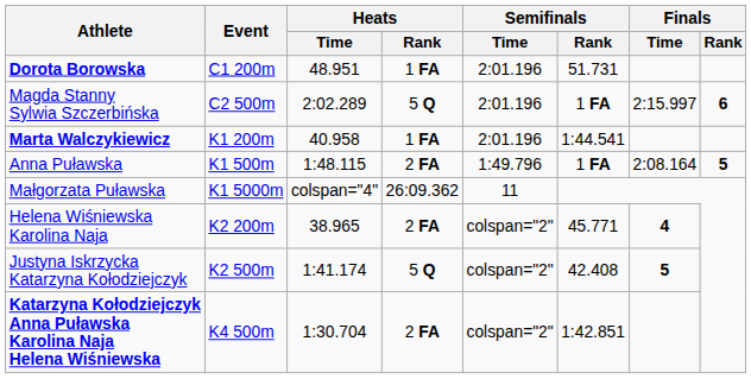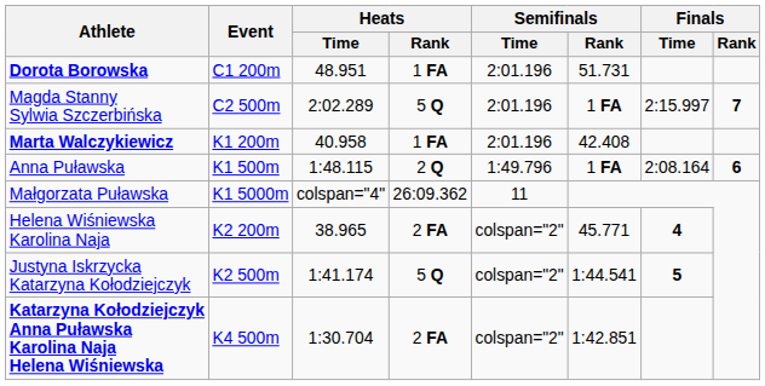 <table class=wikitable style="font-size:90%">
 <tr>
 <th rowspan="2">Athlete</th>
 <th rowspan="2">Event</th>
 <th colspan=2>Heats</th>
 <th colspan=2>Semifinals</th>
 <th colspan=2>Finals</th>
 </tr>
 <tr style="font-size:95%">
 <th>Time</th>
 <th>Rank</th>
 <th>Time</th>
 <th>Rank</th>
 <th>Time</th>
 <th>Rank</th>
 </tr>
 <tr align=center>
 <td align=left><strong><a href='#'>Dorota Borowska</a></strong></td>
 <td align=left><a href='#'>C1 200m</a></td>
 <td>48.951</td>
 <td>1 <strong>FA</strong></td>
 <td>2:01.196</td>
 <td>51.731</td>
 <td></td>
 </tr>
 <tr align=center>
 <td align=left><a href='#'>Magda Stanny</a><br><a href='#'>Sylwia Szczerbińska</a></td>
 <td align=left><a href='#'>C2 500m</a></td>
 <td>2:02.289</td>
 <td>5 <strong>Q</strong></td>
 <td>2:01.196</td>
 <td>1 <strong>FA</strong></td>
 <td>2:15.997</td>
-<td><strong>6</strong></td>
+<td><strong>7</strong></td>
 </tr>
 <tr align=center>
 <td align=left><strong><a href='#'>Marta Walczykiewicz</a></strong></td>
 <td align=left><a href='#'>K1 200m</a></td>
 <td>40.958</td>
 <td>1 <strong>FA</strong></td>
 <td>2:01.196</td>
-<td>1:44.541</td>
+<td>42.408</td>
 <td></td>
 </tr>
 <tr align=center>
 <td align=left><a href='#'>Anna Puławska</a></td>
 <td align=left><a href='#'>K1 500m</a></td>
 <td>1:48.115</td>
-<td>2 <strong>FA</strong></td>
+<td>2 <strong>Q</strong></td>
 <td>1:49.796</td>
 <td>1 <strong>FA</strong></td>
 <td>2:08.164</td>
-<td><strong>5</strong></td>
+<td><strong>6</strong></td>
 </tr>
 <tr align=center>
 <td align=left><a href='#'>Małgorzata Puławska</a></td>
 <td align=left><a href='#'>K1 5000m</a></td>
 <td>colspan="4" </td>
 <td>26:09.362</td>
 <td>11</td>
 </tr>
 <tr align=center>
 <td align=left><a href='#'>Helena Wiśniewska</a><br><a href='#'>Karolina Naja</a></td>
 <td align=left><a href='#'>K2 200m</a></td>
 <td>38.965</td>
 <td>2 <strong>FA</strong></td>
 <td>colspan="2" </td>
 <td>45.771</td>
 <td><strong>4</strong></td>
 </tr>
 <tr align=center>
 <td align=left><a href='#'>Justyna Iskrzycka</a><br><a href='#'>Katarzyna Kołodziejczyk</a></td>
 <td align=left><a href='#'>K2 500m</a></td>
 <td>1:41.174</td>
 <td>5 <strong>Q</strong></td>
 <td>colspan="2" </td>
-<td>42.408</td>
+<td>1:44.541</td>
 <td><strong>5</strong></td>
 </tr>
 <tr align=center>
 <td align=left><strong><a href='#'>Katarzyna Kołodziejczyk</a><br><a href='#'>Anna Puławska</a><br><a href='#'>Karolina Naja</a><br><a href='#'>Helena Wiśniewska</a></strong></td>
 <td align=left><a href='#'>K4 500m</a></td>
 <td>1:30.704</td>
 <td>2 <strong>FA</strong></td>
 <td>colspan="2" </td>
 <td>1:42.851</td>
 <td></td>
 </tr>
 </table>
